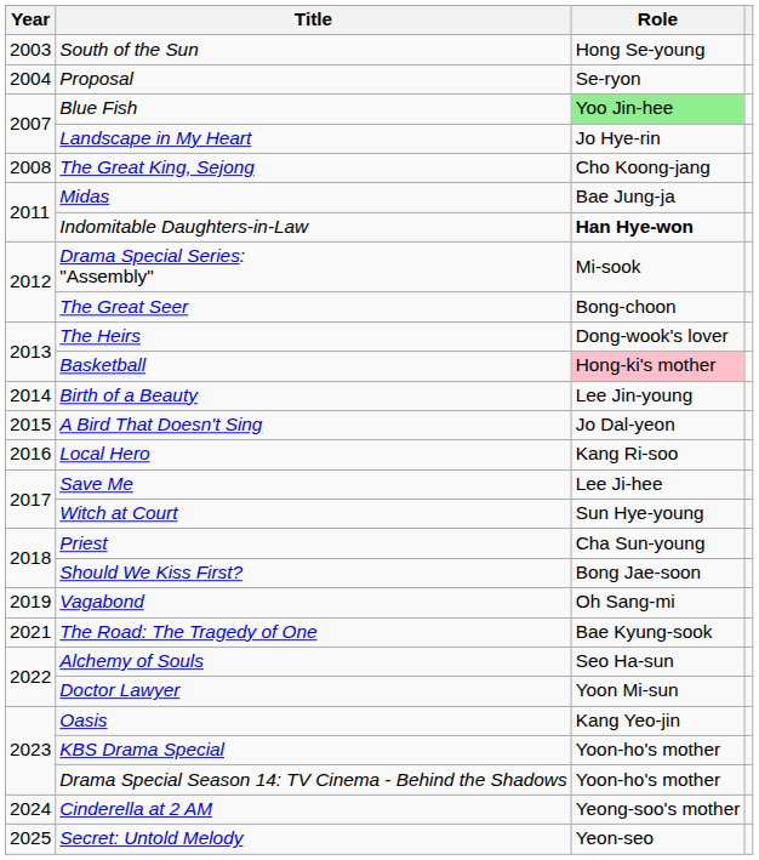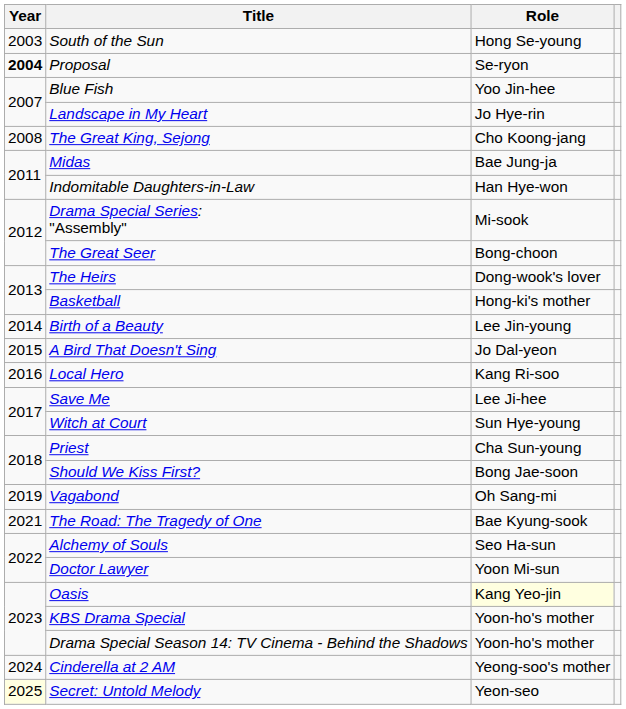 <table class="wikitable">
 <tr>
 <th>Year</th>
 <th>Title</th>
 <th>Role</th>
 <th></th>
 </tr>
 <tr>
 <td>2003</td>
 <td><em>South of the Sun</em></td>
 <td>Hong Se-young</td>
 <td></td>
 </tr>
 <tr>
-<td>2004</td>
+<td><strong>2004</strong></td>
 <td><em>Proposal</em></td>
 <td>Se-ryon</td>
 <td></td>
 </tr>
 <tr>
 <td rowspan=2>2007</td>
 <td><em>Blue Fish</em></td>
-<td style="background: lightgreen;">Yoo Jin-hee</td>
+<td>Yoo Jin-hee</td>
 <td></td>
 </tr>
 <tr>
 <td><em><a href='#'>Landscape in My Heart</a></em></td>
 <td>Jo Hye-rin</td>
 <td></td>
 </tr>
 <tr>
 <td>2008</td>
 <td><em><a href='#'>The Great King, Sejong</a></em></td>
 <td>Cho Koong-jang</td>
 <td></td>
 </tr>
 <tr>
 <td rowspan="2">2011</td>
 <td><em><a href='#'>Midas</a></em></td>
 <td>Bae Jung-ja</td>
 <td></td>
 </tr>
 <tr>
 <td><em>Indomitable Daughters-in-Law</em></td>
-<td><strong>Han Hye-won</strong></td>
+<td>Han Hye-won</td>
 <td></td>
 </tr>
 <tr>
 <td rowspan="2">2012</td>
 <td><em><a href='#'>Drama Special Series</a>:</em> <br> "Assembly"</td>
 <td>Mi-sook</td>
 <td></td>
 </tr>
 <tr>
 <td><em><a href='#'>The Great Seer</a></em></td>
 <td>Bong-choon</td>
 <td></td>
 </tr>
 <tr>
 <td rowspan="2">2013</td>
 <td><em><a href='#'>The Heirs</a></em></td>
 <td>Dong-wook's lover</td>
 <td></td>
 </tr>
 <tr>
 <td><em><a href='#'>Basketball</a></em></td>
-<td style="background: pink;">Hong-ki's mother</td>
+<td>Hong-ki's mother</td>
 <td></td>
 </tr>
 <tr>
 <td>2014</td>
 <td><em><a href='#'>Birth of a Beauty</a></em></td>
 <td>Lee Jin-young</td>
 <td></td>
 </tr>
 <tr>
 <td>2015</td>
 <td><em><a href='#'>A Bird That Doesn't Sing</a></em></td>
 <td>Jo Dal-yeon</td>
 <td></td>
 </tr>
 <tr>
 <td>2016</td>
 <td><em><a href='#'>Local Hero</a></em></td>
 <td>Kang Ri-soo</td>
 <td></td>
 </tr>
 <tr>
 <td rowspan="2">2017</td>
 <td><em><a href='#'>Save Me</a></em></td>
 <td>Lee Ji-hee</td>
 <td></td>
 </tr>
 <tr>
 <td><em><a href='#'>Witch at Court</a></em></td>
 <td>Sun Hye-young</td>
 <td></td>
 </tr>
 <tr>
 <td rowspan="2">2018</td>
 <td><em><a href='#'>Priest</a></em></td>
 <td>Cha Sun-young</td>
 <td></td>
 </tr>
 <tr>
 <td><em><a href='#'>Should We Kiss First?</a></em></td>
 <td>Bong Jae-soon</td>
 <td></td>
 </tr>
 <tr>
 <td>2019</td>
 <td><em><a href='#'>Vagabond</a></em></td>
 <td>Oh Sang-mi</td>
 <td></td>
 </tr>
 <tr>
 <td>2021</td>
 <td><em><a href='#'>The Road: The Tragedy of One</a></em></td>
 <td>Bae Kyung-sook</td>
 <td></td>
 </tr>
 <tr>
 <td rowspan="2">2022</td>
 <td><em><a href='#'>Alchemy of Souls</a></em></td>
 <td>Seo Ha-sun</td>
 <td></td>
 </tr>
 <tr>
 <td><em><a href='#'>Doctor Lawyer</a></em></td>
 <td>Yoon Mi-sun</td>
 <td></td>
 </tr>
 <tr>
 <td rowspan="3">2023</td>
 <td><em><a href='#'>Oasis</a></em></td>
-<td>Kang Yeo-jin</td>
+<td style="background: lightyellow;">Kang Yeo-jin</td>
 <td></td>
 </tr>
 <tr>
 <td><em><a href='#'>KBS Drama Special</a></em></td>
 <td>Yoon-ho's mother</td>
 <td></td>
 </tr>
 <tr>
 <td><em>Drama Special Season 14: TV Cinema - Behind the Shadows</em></td>
 <td>Yoon-ho's mother</td>
 <td></td>
 </tr>
 <tr>
 <td>2024</td>
 <td><em><a href='#'>Cinderella at 2 AM</a></em></td>
 <td>Yeong-soo's mother</td>
 <td></td>
 </tr>
 <tr>
-<td>2025</td>
+<td style="background: lightyellow;">2025</td>
 <td><em><a href='#'>Secret: Untold Melody</a></em></td>
 <td>Yeon-seo</td>
 <td></td>
 </tr>
 </table>
